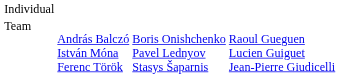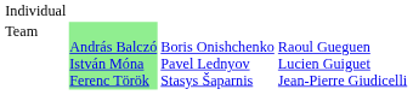 <table>
 <tr valign="top">
 <td>Individual <br> </td>
 <td></td>
 <td></td>
 <td></td>
 </tr>
 <tr valign="top">
 <td>Team<br> </td>
-<td><br><a href='#'>András Balczó</a><br><a href='#'>István Móna</a><br><a href='#'>Ferenc Török</a></td>
+<td style="background: lightgreen;"><br><a href='#'>András Balczó</a><br><a href='#'>István Móna</a><br><a href='#'>Ferenc Török</a></td>
 <td><br><a href='#'>Boris Onishchenko</a><br><a href='#'>Pavel Lednyov</a><br><a href='#'>Stasys Šaparnis</a></td>
 <td><br><a href='#'>Raoul Gueguen</a><br><a href='#'>Lucien Guiguet</a><br><a href='#'>Jean-Pierre Giudicelli</a></td>
 </tr>
 <tr>
 </tr>
 </table>
